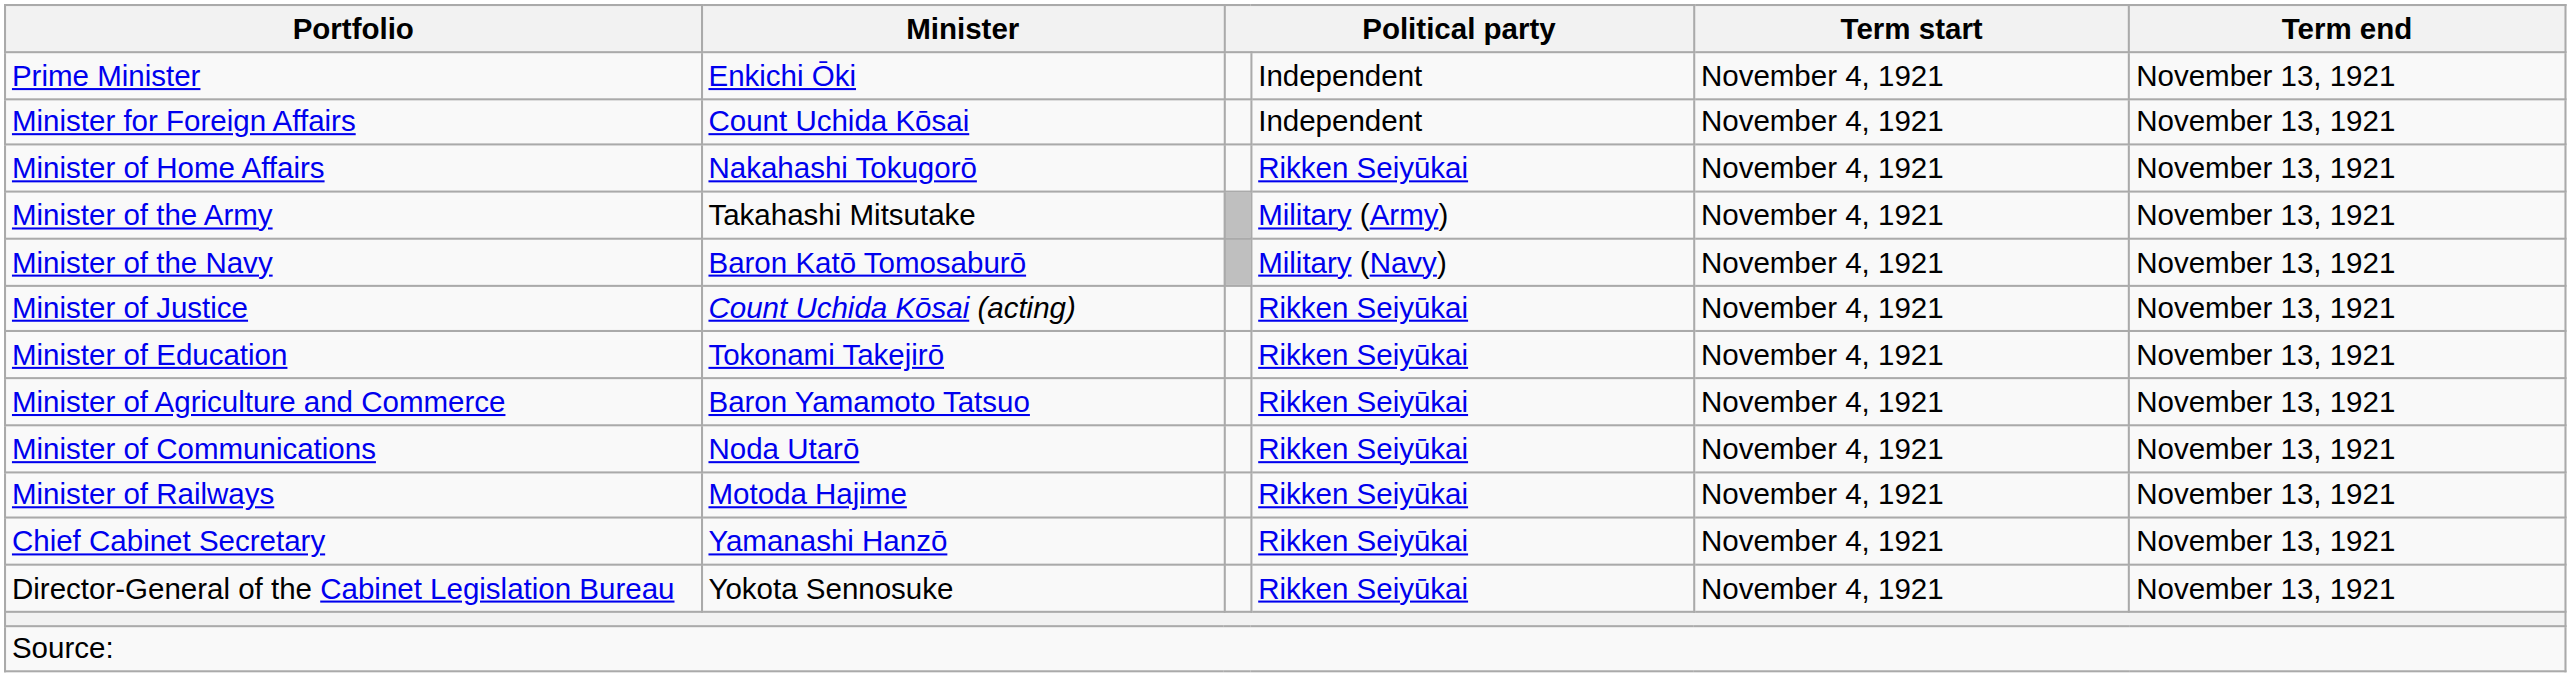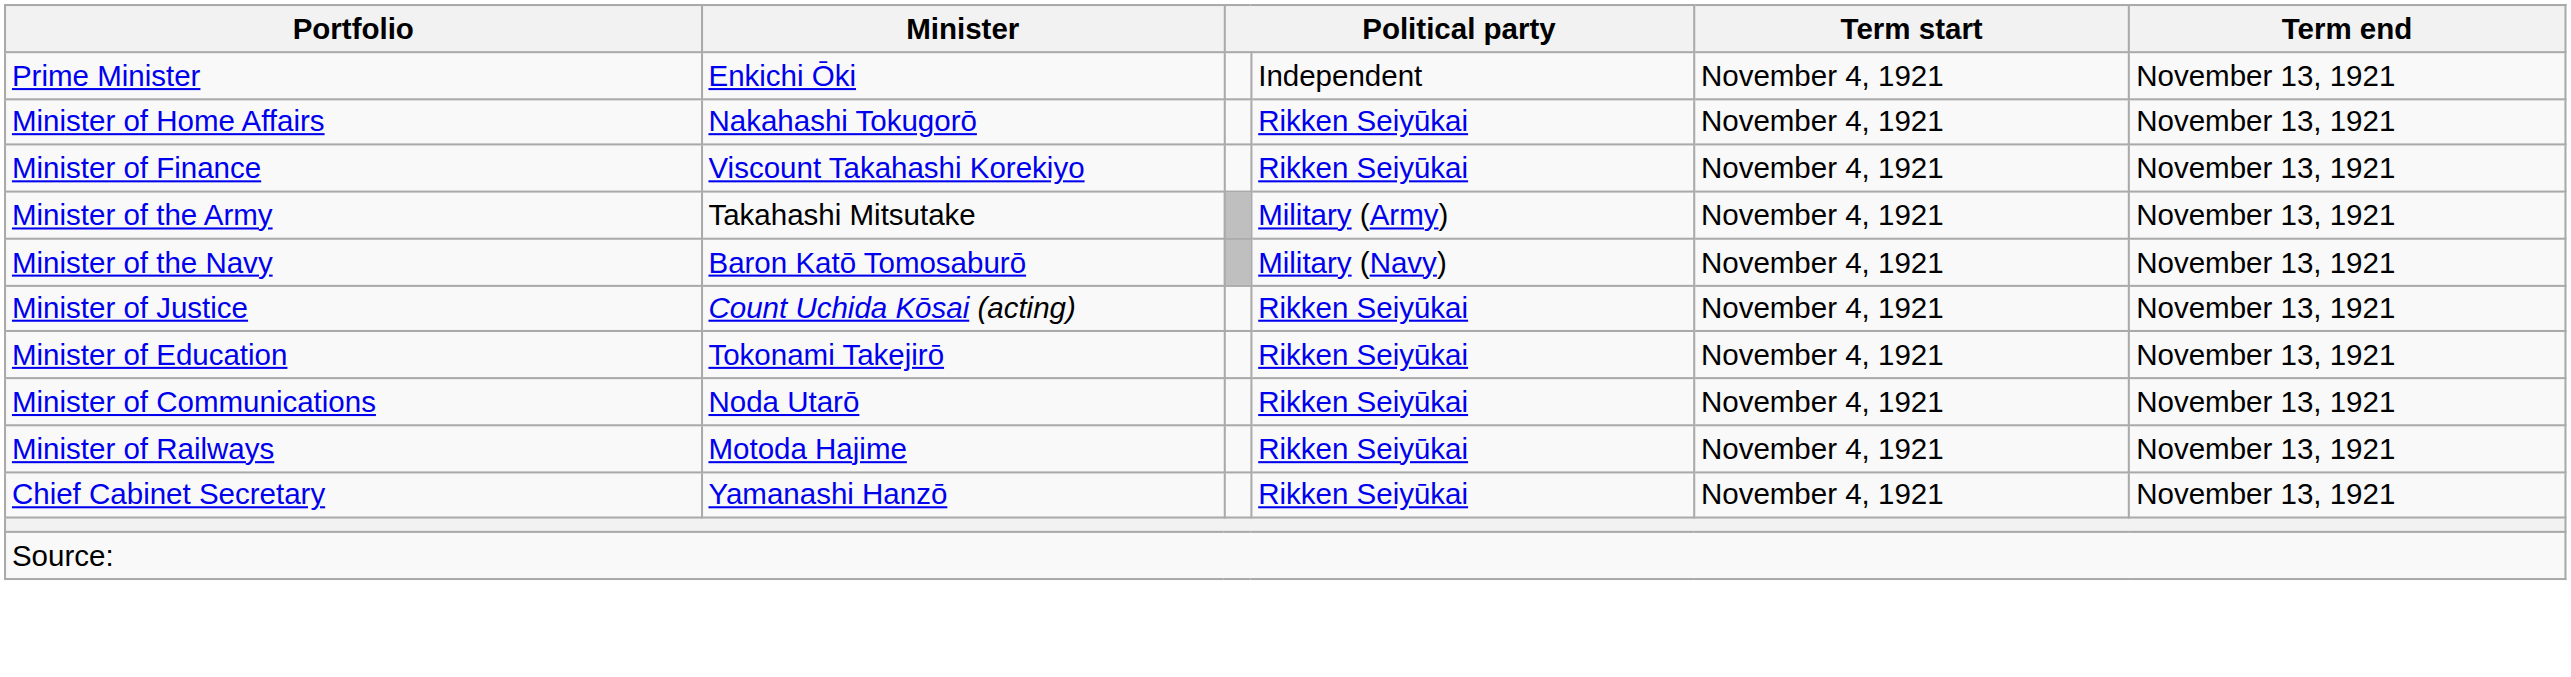 <table class="wikitable unsortable" style="font-size: 90%;">
 <tr>
 <th scope="col" width="20%">Portfolio</th>
 <th scope="col" width="15%">Minister</th>
 <th colspan="2" scope="col" width="13.5%">Political party</th>
 <th scope="col" width="12.5%">Term start</th>
 <th scope="col" width="12.5%">Term end</th>
 </tr>
 <tr>
 <td style="text-align: left;"><a href='#'>Prime Minister</a></td>
 <td><a href='#'>Enkichi Ōki</a></td>
 <td style="color:inherit;background:"></td>
 <td>Independent</td>
 <td>November 4, 1921</td>
 <td>November 13, 1921</td>
 </tr>
 <tr>
-<td><a href='#'>Minister for Foreign Affairs</a></td>
-<td><a href='#'>Count Uchida Kōsai</a></td>
+<td><a href='#'>Minister of Home Affairs</a></td>
+<td><a href='#'>Nakahashi Tokugorō</a></td>
 <td style="color:inherit;background:"></td>
-<td>Independent</td>
+<td><a href='#'>Rikken Seiyūkai</a></td>
 <td>November 4, 1921</td>
 <td>November 13, 1921</td>
 </tr>
 <tr>
-<td><a href='#'>Minister of Home Affairs</a></td>
-<td><a href='#'>Nakahashi Tokugorō</a></td>
+<td><a href='#'>Minister of Finance</a></td>
+<td><a href='#'>Viscount Takahashi Korekiyo</a></td>
 <td style="color:inherit;background:"></td>
 <td><a href='#'>Rikken Seiyūkai</a></td>
 <td>November 4, 1921</td>
 <td>November 13, 1921</td>
 </tr>
 <tr>
 <td><a href='#'>Minister of the Army</a></td>
 <td>Takahashi Mitsutake</td>
 <td style="color:inherit;background:#bfbfbf"></td>
 <td><a href='#'>Military</a> (<a href='#'>Army</a>)</td>
 <td>November 4, 1921</td>
 <td>November 13, 1921</td>
 </tr>
 <tr>
 <td><a href='#'>Minister of the Navy</a></td>
 <td><a href='#'>Baron Katō Tomosaburō</a></td>
 <td style="color:inherit;background:#bfbfbf"></td>
 <td><a href='#'>Military</a> (<a href='#'>Navy</a>)</td>
 <td>November 4, 1921</td>
 <td>November 13, 1921</td>
 </tr>
 <tr>
 <td><a href='#'>Minister of Justice</a></td>
 <td><em><a href='#'>Count Uchida Kōsai</a> (acting)</em></td>
 <td style="color:inherit;background:"></td>
 <td><a href='#'>Rikken Seiyūkai</a></td>
 <td>November 4, 1921</td>
 <td>November 13, 1921</td>
 </tr>
 <tr>
 <td><a href='#'>Minister of Education</a></td>
 <td><a href='#'>Tokonami Takejirō</a></td>
 <td style="color:inherit;background:"></td>
 <td><a href='#'>Rikken Seiyūkai</a></td>
 <td>November 4, 1921</td>
 <td>November 13, 1921</td>
 </tr>
 <tr>
-<td><a href='#'>Minister of Agriculture and Commerce</a></td>
-<td><a href='#'>Baron Yamamoto Tatsuo</a></td>
-<td style="color:inherit;background:"></td>
-<td><a href='#'>Rikken Seiyūkai</a></td>
-<td>November 4, 1921</td>
-<td>November 13, 1921</td>
-</tr>
-<tr>
 <td><a href='#'>Minister of Communications</a></td>
 <td><a href='#'>Noda Utarō</a></td>
 <td style="color:inherit;background:"></td>
 <td><a href='#'>Rikken Seiyūkai</a></td>
 <td>November 4, 1921</td>
 <td>November 13, 1921</td>
 </tr>
 <tr>
 <td><a href='#'>Minister of Railways</a></td>
 <td><a href='#'>Motoda Hajime</a></td>
 <td style="color:inherit;background:"></td>
 <td><a href='#'>Rikken Seiyūkai</a></td>
 <td>November 4, 1921</td>
 <td>November 13, 1921</td>
 </tr>
 <tr>
 <td><a href='#'>Chief Cabinet Secretary</a></td>
 <td><a href='#'>Yamanashi Hanzō</a></td>
 <td style="color:inherit;background:"></td>
 <td><a href='#'>Rikken Seiyūkai</a></td>
 <td>November 4, 1921</td>
 <td>November 13, 1921</td>
 </tr>
 <tr>
-<td>Director-General of the <a href='#'>Cabinet Legislation Bureau</a></td>
-<td>Yokota Sennosuke</td>
-<td style="color:inherit;background:"></td>
-<td><a href='#'>Rikken Seiyūkai</a></td>
-<td>November 4, 1921</td>
-<td>November 13, 1921</td>
-</tr>
-<tr>
 <th colspan="6"></th>
 </tr>
 <tr>
 <td colspan="6">Source:</td>
 </tr>
 </table>
